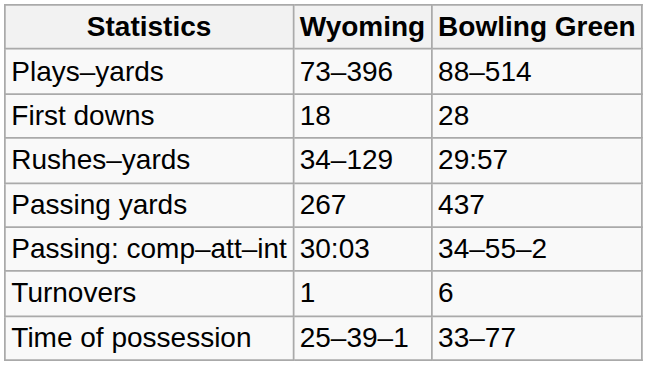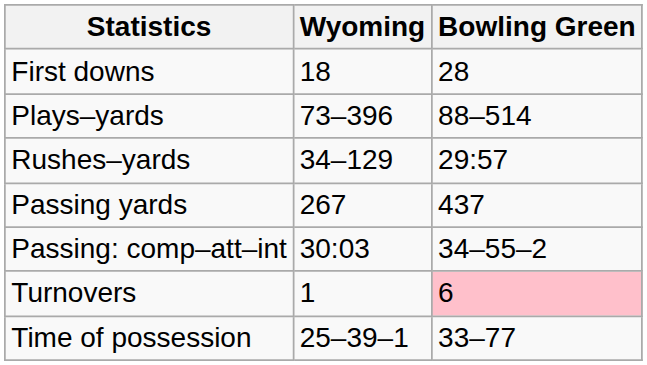 <table class="wikitable" style="float:left">
 <tr>
 <th>Statistics</th>
 <th>Wyoming</th>
 <th>Bowling Green</th>
 </tr>
 <tr>
+<td>First downs</td>
+<td>18</td>
+<td>28</td>
+</tr>
+<tr>
 <td>Plays–yards</td>
 <td>73–396</td>
 <td>88–514</td>
-</tr>
-<tr>
-<td>First downs</td>
-<td>18</td>
-<td>28</td>
 </tr>
 <tr>
 <td>Rushes–yards</td>
 <td>34–129</td>
 <td>29:57</td>
 </tr>
 <tr>
 <td>Passing yards</td>
 <td>267</td>
 <td>437</td>
 </tr>
 <tr>
 <td>Passing: comp–att–int</td>
 <td>30:03</td>
 <td>34–55–2</td>
 </tr>
 <tr>
 <td>Turnovers</td>
 <td>1</td>
-<td>6</td>
+<td style="background: pink;">6</td>
 </tr>
 <tr>
 <td>Time of possession</td>
 <td>25–39–1</td>
 <td>33–77</td>
 </tr>
 </table>
